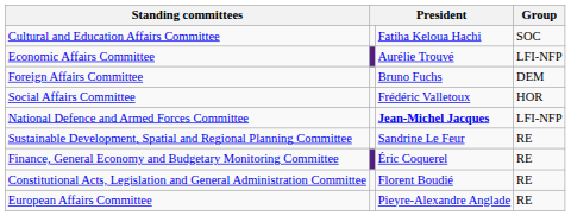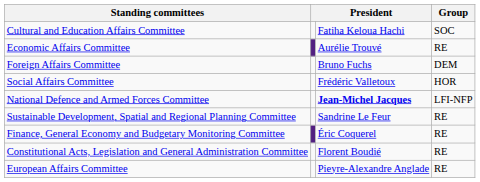 <table class="wikitable" style="font-size:95%;">
 <tr>
 <th>Standing committees</th>
 <th colspan="2">President</th>
 <th>Group</th>
 </tr>
 <tr>
 <td><a href='#'>Cultural and Education Affairs Committee</a></td>
 <td style="background:"></td>
 <td><a href='#'>Fatiha Keloua Hachi</a></td>
 <td>SOC</td>
 </tr>
 <tr>
 <td><a href='#'>Economic Affairs Committee</a></td>
 <td style="background:#521f81;"></td>
 <td><a href='#'>Aurélie Trouvé</a></td>
-<td>LFI-NFP</td>
+<td>RE</td>
 </tr>
 <tr>
 <td><a href='#'>Foreign Affairs Committee</a></td>
 <td style="background:"></td>
 <td><a href='#'>Bruno Fuchs</a></td>
 <td>DEM</td>
 </tr>
 <tr>
 <td><a href='#'>Social Affairs Committee</a></td>
 <td style="background:"></td>
 <td><a href='#'>Frédéric Valletoux</a></td>
 <td>HOR</td>
 </tr>
 <tr>
 <td><a href='#'>National Defence and Armed Forces Committee</a></td>
 <td style="background:"></td>
 <td><strong><a href='#'>Jean-Michel Jacques</a></strong></td>
 <td>LFI-NFP</td>
 </tr>
 <tr>
 <td><a href='#'>Sustainable Development, Spatial and Regional Planning Committee</a></td>
 <td style="background:"></td>
 <td><a href='#'>Sandrine Le Feur</a></td>
 <td>RE</td>
 </tr>
 <tr>
 <td><a href='#'>Finance, General Economy and Budgetary Monitoring Committee</a></td>
 <td style="background:#521f81;"></td>
 <td><a href='#'>Éric Coquerel</a></td>
 <td>RE</td>
 </tr>
 <tr>
 <td><a href='#'>Constitutional Acts, Legislation and General Administration Committee</a></td>
 <td style="background:"></td>
 <td><a href='#'>Florent Boudié</a></td>
 <td>RE</td>
 </tr>
 <tr>
 <td><a href='#'>European Affairs Committee</a></td>
 <td style="background:"></td>
 <td><a href='#'>Pieyre-Alexandre Anglade</a></td>
 <td>RE</td>
 </tr>
 </table>
